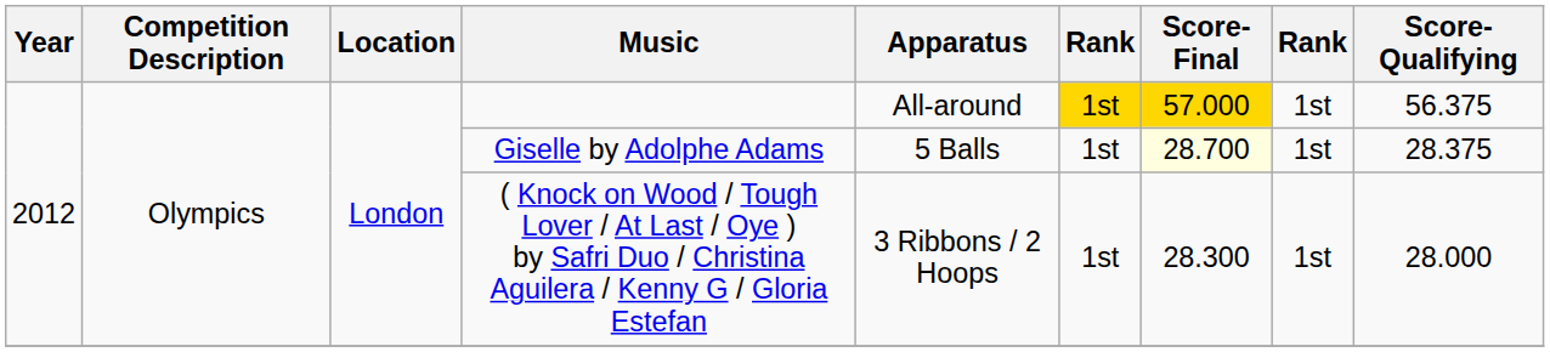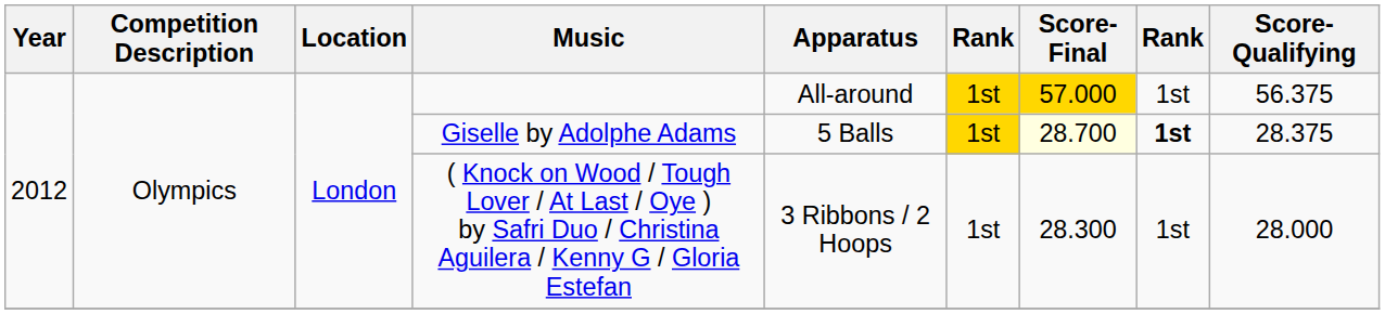 <table class="wikitable" style="text-align:center">
 <tr>
 <th>Year</th>
 <th>Competition Description</th>
 <th>Location</th>
 <th>Music </th>
 <th>Apparatus</th>
 <th>Rank</th>
 <th>Score-Final</th>
 <th>Rank</th>
 <th>Score-Qualifying</th>
 </tr>
 <tr>
 <td rowspan="3">2012</td>
 <td rowspan="3">Olympics</td>
 <td rowspan="3"><a href='#'>London</a></td>
 <td></td>
 <td>All-around</td>
 <td bgcolor=gold>1st</td>
 <td bgcolor=gold>57.000</td>
 <td>1st</td>
 <td>56.375</td>
 </tr>
 <tr>
 <td><a href='#'>Giselle</a> by <a href='#'>Adolphe Adams</a></td>
 <td>5 Balls</td>
-<td>1st</td>
+<td style="background: gold;">1st</td>
 <td style="background: lightyellow;">28.700</td>
-<td>1st</td>
+<td><strong>1st</strong></td>
 <td>28.375</td>
 </tr>
 <tr>
 <td>( <a href='#'>Knock on Wood</a> / <a href='#'>Tough Lover</a> / <a href='#'>At Last</a> / <a href='#'>Oye</a> ) <br> by <a href='#'>Safri Duo</a> / <a href='#'>Christina Aguilera</a> / <a href='#'>Kenny G</a> / <a href='#'>Gloria Estefan</a></td>
 <td>3 Ribbons / 2 Hoops</td>
 <td>1st</td>
 <td>28.300</td>
 <td>1st</td>
 <td>28.000</td>
 </tr>
 <tr>
 </tr>
 </table>
